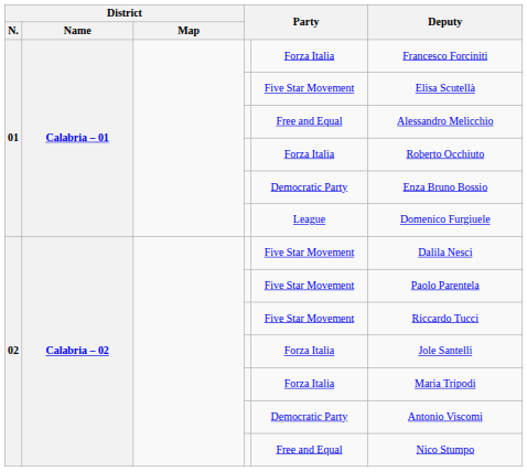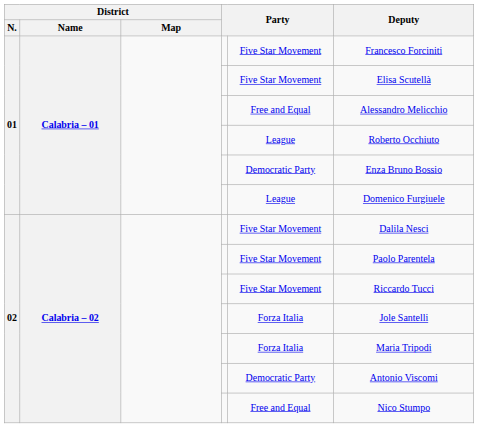 <table class="wikitable" style="text-align:center; style="width=60%">
 <tr>
 <th width=35% colspan="3">District</th>
 <th width=20% colspan="2" rowspan="2">Party</th>
 <th width=25% rowspan="2">Deputy</th>
 </tr>
 <tr>
 <th width=1%>N.</th>
 <th width=18%>Name</th>
 <th width=18%>Map</th>
 </tr>
 <tr style="height:3em;">
 <th rowspan="6">01</th>
 <th rowspan="6"><a href='#'>Calabria – 01</a></th>
 <td rowspan="6"></td>
 <td style="background:"></td>
-<td><a href='#'>Forza Italia</a></td>
+<td><a href='#'>Five Star Movement</a></td>
 <td><a href='#'>Francesco Forciniti</a></td>
 </tr>
 <tr style="height:3em;">
 <td style="background:"></td>
 <td><a href='#'>Five Star Movement</a></td>
 <td><a href='#'>Elisa Scutellà</a></td>
 </tr>
 <tr style="height:3em;">
 <td style="background:"></td>
 <td><a href='#'>Free and Equal</a></td>
 <td><a href='#'>Alessandro Melicchio</a></td>
 </tr>
 <tr style="height:3em;">
 <td style="background:"></td>
-<td><a href='#'>Forza Italia</a></td>
+<td><a href='#'>League</a></td>
 <td><a href='#'>Roberto Occhiuto</a></td>
 </tr>
 <tr style="height:3em;">
 <td style="background:"></td>
 <td><a href='#'>Democratic Party</a></td>
 <td><a href='#'>Enza Bruno Bossio</a></td>
 </tr>
 <tr style="height:3em;">
 <td style="background:"></td>
 <td><a href='#'>League</a></td>
 <td><a href='#'>Domenico Furgiuele</a></td>
 </tr>
 <tr style="height:3em;">
 <th rowspan="7">02</th>
 <th rowspan="7"><a href='#'>Calabria – 02</a></th>
 <td rowspan="7"></td>
 <td style="background:"></td>
 <td><a href='#'>Five Star Movement</a></td>
 <td><a href='#'>Dalila Nesci</a></td>
 </tr>
 <tr style="height:3em;">
 <td style="background:"></td>
 <td><a href='#'>Five Star Movement</a></td>
 <td><a href='#'>Paolo Parentela</a></td>
 </tr>
 <tr style="height:3em;">
 <td style="background:"></td>
 <td><a href='#'>Five Star Movement</a></td>
 <td><a href='#'>Riccardo Tucci</a></td>
 </tr>
 <tr style="height:3em;">
 <td style="background:"></td>
 <td><a href='#'>Forza Italia</a></td>
 <td><a href='#'>Jole Santelli</a></td>
 </tr>
 <tr style="height:3em;">
 <td style="background:"></td>
 <td><a href='#'>Forza Italia</a></td>
 <td><a href='#'>Maria Tripodi</a></td>
 </tr>
 <tr style="height:3em;">
 <td style="background:"></td>
 <td><a href='#'>Democratic Party</a></td>
 <td><a href='#'>Antonio Viscomi</a></td>
 </tr>
 <tr style="height:3em;">
 <td style="background:"></td>
 <td><a href='#'>Free and Equal</a></td>
 <td><a href='#'>Nico Stumpo</a></td>
 </tr>
 </table>
